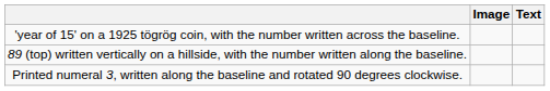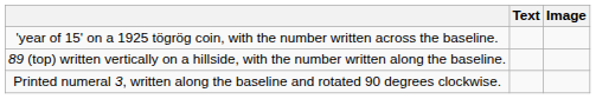 <table class="wikitable floatright" style="text-align: center">
 <tr>
 <th></th>
+<th>Text</th>
 <th>Image</th>
-<th>Text</th>
 </tr>
 <tr>
 <td><em></em> 'year of 15' on a 1925 tögrög coin, with the number written across the baseline.</td>
 <td></td>
 <td></td>
 </tr>
 <tr>
 <td><em>89</em> (top) written vertically on a hillside, with the number written along the baseline.</td>
 <td></td>
 <td></td>
 </tr>
 <tr>
 <td>Printed numeral <em>3</em>, written along the baseline and rotated 90 degrees clockwise.</td>
 <td></td>
 <td></td>
 </tr>
 </table>
